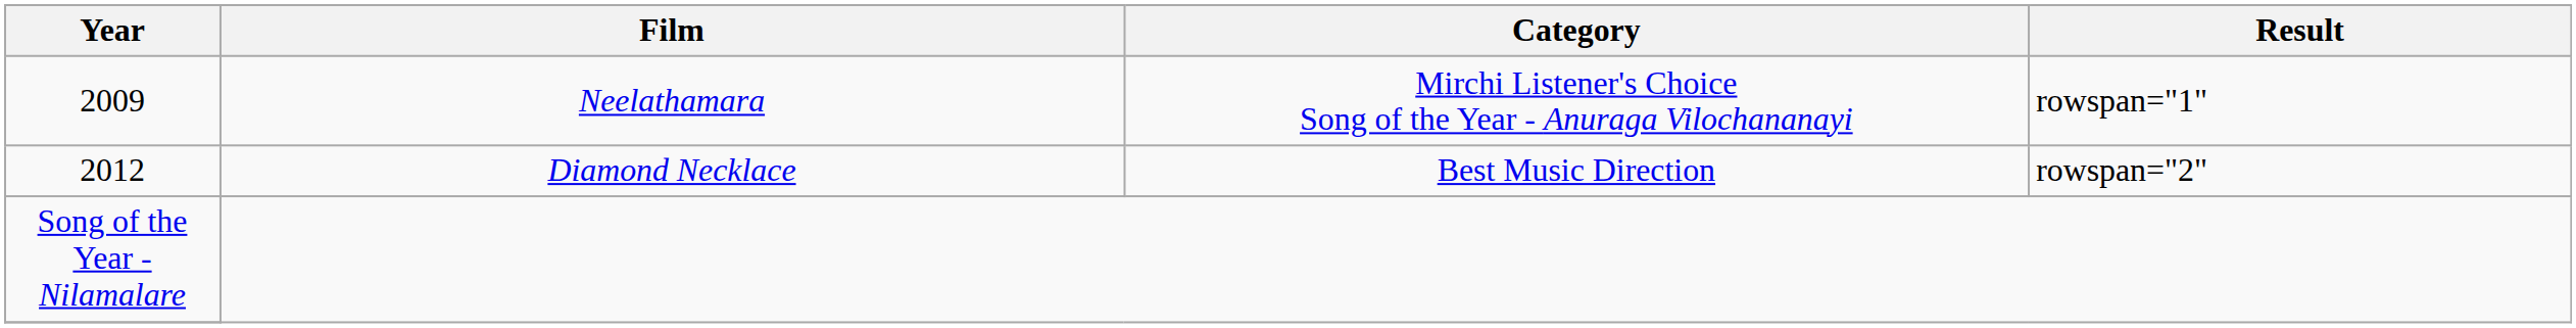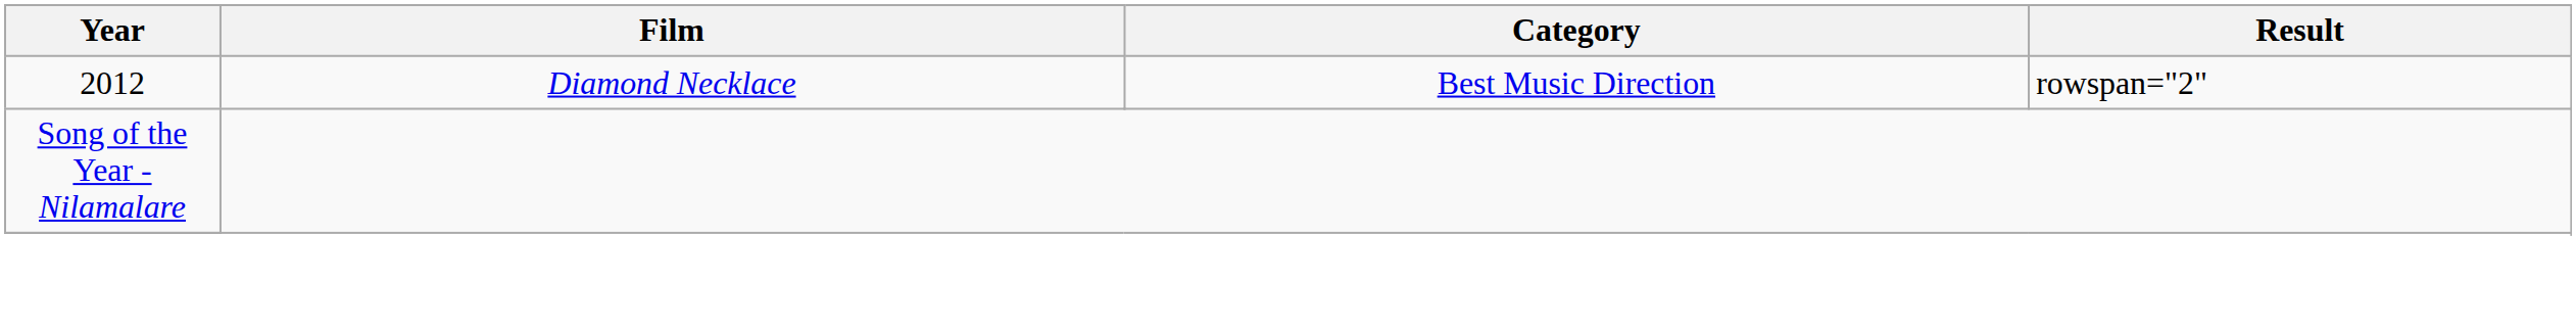 <table class="wikitable" style="width:100%;">
 <tr>
 <th width=5%>Year</th>
 <th style="width:25%;">Film</th>
 <th style="width:25%;">Category</th>
 <th style="width:15%;">Result</th>
-</tr>
-<tr>
-<td style="text-align:center;">2009</td>
-<td style="text-align:center;"><em><a href='#'>Neelathamara</a></em></td>
-<td style="text-align:center;" rowspan="1"><a href='#'>Mirchi Listener's Choice<br>Song of the Year - <em>Anuraga Vilochananayi</em></a></td>
-<td>rowspan="1" </td>
 </tr>
 <tr>
 <td style="text-align:center;" rowspan="2">2012</td>
 <td style="text-align:center;" rowspan="2"><em><a href='#'>Diamond Necklace</a></em></td>
 <td style="text-align:center;" rowspan="1"><a href='#'>Best Music Direction</a></td>
 <td>rowspan="2" </td>
 </tr>
 <tr style="text-align:center;">
 </tr>
 <tr>
 <td style="text-align:center;" rowspan="1"><a href='#'>Song of the Year - <em>Nilamalare</em></a></td>
 </tr>
 <tr>
 </tr>
 </table>
